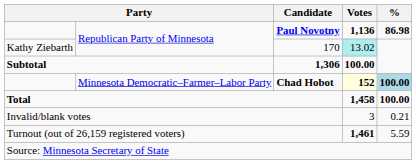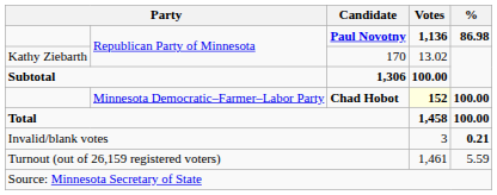 <table class="wikitable">
 <tr>
 <th colspan="2">Party</th>
 <th>Candidate</th>
 <th>Votes</th>
 <th>%</th>
 </tr>
 <tr>
 <td style="background-color:"></td>
 <td rowspan="2"><a href='#'>Republican Party of Minnesota</a></td>
 <td><strong><a href='#'>Paul Novotny</a></strong></td>
 <td align="right"><strong>1,136</strong></td>
 <td align="right"><strong>86.98</strong></td>
 </tr>
 <tr>
 <td>Kathy Ziebarth</td>
 <td align="right">170</td>
-<td align="right" style="background: paleturquoise;">13.02</td>
+<td align="right">13.02</td>
 </tr>
 <tr>
 <td colspan="2"><strong>Subtotal</strong></td>
 <td align="right"><strong>1,306</strong></td>
 <td align="right"><strong>100.00</strong></td>
 </tr>
 <tr>
 <td style="background-color:"></td>
 <td><a href='#'>Minnesota Democratic–Farmer–Labor Party</a></td>
 <td><strong>Chad Hobot</strong></td>
 <td align="right" style="background: lightyellow;"><strong>152</strong></td>
-<td align="right" style="background: lightblue;"><strong>100.00</strong></td>
+<td align="right"><strong>100.00</strong></td>
 </tr>
 <tr>
 <td colspan="3"><strong>Total</strong></td>
 <td align="right"><strong>1,458</strong></td>
 <td align="right"><strong>100.00</strong></td>
 </tr>
 <tr>
 <td colspan="3">Invalid/blank votes</td>
 <td align="right">3</td>
-<td align="right">0.21</td>
+<td align="right"><strong>0.21</strong></td>
 </tr>
 <tr>
 <td colspan="3">Turnout (out of 26,159 registered voters)</td>
-<td align="right"><strong>1,461</strong></td>
+<td align="right">1,461</td>
 <td align="right">5.59</td>
 </tr>
 <tr>
 <td colspan="5">Source: <a href='#'>Minnesota Secretary of State</a></td>
 </tr>
 </table>
